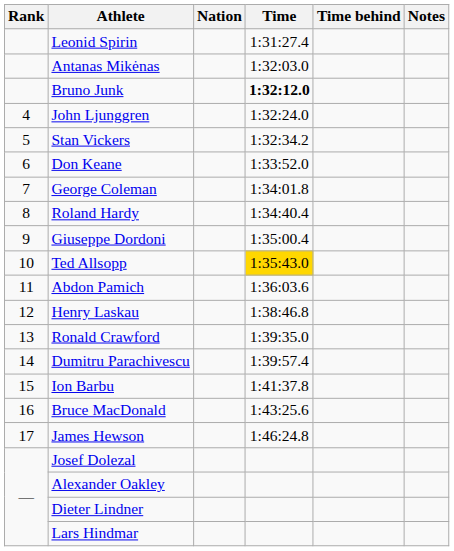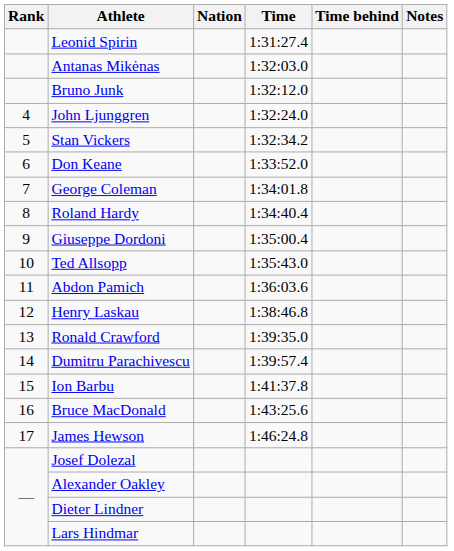 <table class="wikitable sortable" style="text-align:center">
 <tr>
 <th>Rank</th>
 <th>Athlete</th>
 <th>Nation</th>
 <th>Time</th>
 <th>Time behind</th>
 <th>Notes</th>
 </tr>
 <tr>
 <td></td>
 <td align=left><a href='#'>Leonid Spirin</a></td>
 <td align=left></td>
 <td>1:31:27.4</td>
 <td></td>
 <td></td>
 </tr>
 <tr>
 <td></td>
 <td align=left><a href='#'>Antanas Mikėnas</a></td>
 <td align=left></td>
 <td>1:32:03.0</td>
 <td></td>
 <td></td>
 </tr>
 <tr>
 <td></td>
 <td align=left><a href='#'>Bruno Junk</a></td>
 <td align=left></td>
-<td><strong>1:32:12.0</strong></td>
+<td>1:32:12.0</td>
 <td></td>
 <td></td>
 </tr>
 <tr>
 <td>4</td>
 <td align=left><a href='#'>John Ljunggren</a></td>
 <td align=left></td>
 <td>1:32:24.0</td>
 <td></td>
 <td></td>
 </tr>
 <tr>
 <td>5</td>
 <td align=left><a href='#'>Stan Vickers</a></td>
 <td align=left></td>
 <td>1:32:34.2</td>
 <td></td>
 <td></td>
 </tr>
 <tr>
 <td>6</td>
 <td align=left><a href='#'>Don Keane</a></td>
 <td align=left></td>
 <td>1:33:52.0</td>
 <td></td>
 <td></td>
 </tr>
 <tr>
 <td>7</td>
 <td align=left><a href='#'>George Coleman</a></td>
 <td align=left></td>
 <td>1:34:01.8</td>
 <td></td>
 <td></td>
 </tr>
 <tr>
 <td>8</td>
 <td align=left><a href='#'>Roland Hardy</a></td>
 <td align=left></td>
 <td>1:34:40.4</td>
 <td></td>
 <td></td>
 </tr>
 <tr>
 <td>9</td>
 <td align=left><a href='#'>Giuseppe Dordoni</a></td>
 <td align=left></td>
 <td>1:35:00.4</td>
 <td></td>
 <td></td>
 </tr>
 <tr>
 <td>10</td>
 <td align=left><a href='#'>Ted Allsopp</a></td>
 <td align=left></td>
-<td style="background: gold;">1:35:43.0</td>
+<td>1:35:43.0</td>
 <td></td>
 <td></td>
 </tr>
 <tr>
 <td>11</td>
 <td align=left><a href='#'>Abdon Pamich</a></td>
 <td align=left></td>
 <td>1:36:03.6</td>
 <td></td>
 <td></td>
 </tr>
 <tr>
 <td>12</td>
 <td align=left><a href='#'>Henry Laskau</a></td>
 <td align=left></td>
 <td>1:38:46.8</td>
 <td></td>
 <td></td>
 </tr>
 <tr>
 <td>13</td>
 <td align=left><a href='#'>Ronald Crawford</a></td>
 <td align=left></td>
 <td>1:39:35.0</td>
 <td></td>
 <td></td>
 </tr>
 <tr>
 <td>14</td>
 <td align=left><a href='#'>Dumitru Parachivescu</a></td>
 <td align=left></td>
 <td>1:39:57.4</td>
 <td></td>
 <td></td>
 </tr>
 <tr>
 <td>15</td>
 <td align=left><a href='#'>Ion Barbu</a></td>
 <td align=left></td>
 <td>1:41:37.8</td>
 <td></td>
 <td></td>
 </tr>
 <tr>
 <td>16</td>
 <td align=left><a href='#'>Bruce MacDonald</a></td>
 <td align=left></td>
 <td>1:43:25.6</td>
 <td></td>
 <td></td>
 </tr>
 <tr>
 <td>17</td>
 <td align=left><a href='#'>James Hewson</a></td>
 <td align=left></td>
 <td>1:46:24.8</td>
 <td></td>
 <td></td>
 </tr>
 <tr>
 <td rowspan="4">—</td>
 <td align=left><a href='#'>Josef Dolezal</a></td>
 <td align=left></td>
 <td></td>
 <td></td>
 <td></td>
 </tr>
 <tr>
 <td align=left><a href='#'>Alexander Oakley</a></td>
 <td align=left></td>
 <td></td>
 <td></td>
 <td></td>
 </tr>
 <tr>
 <td align=left><a href='#'>Dieter Lindner</a></td>
 <td align=left></td>
 <td></td>
 <td></td>
 <td></td>
 </tr>
 <tr>
 <td align=left><a href='#'>Lars Hindmar</a></td>
 <td align=left></td>
 <td></td>
 <td></td>
 <td></td>
 </tr>
 </table>
